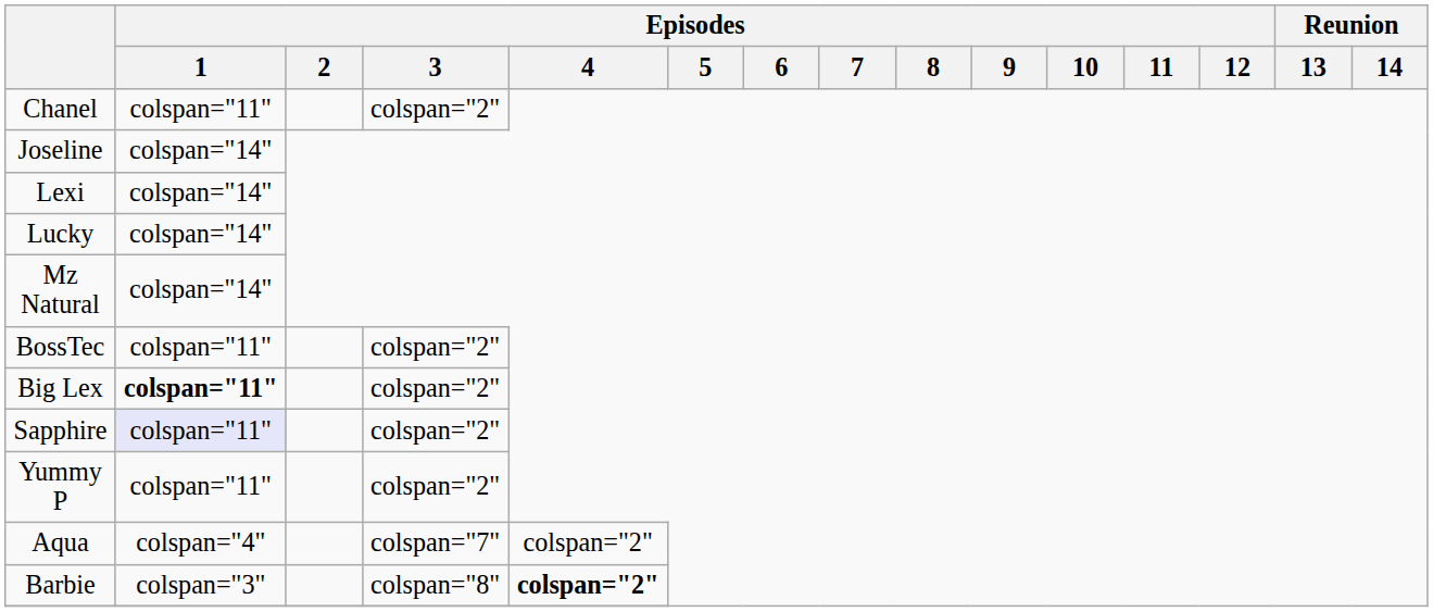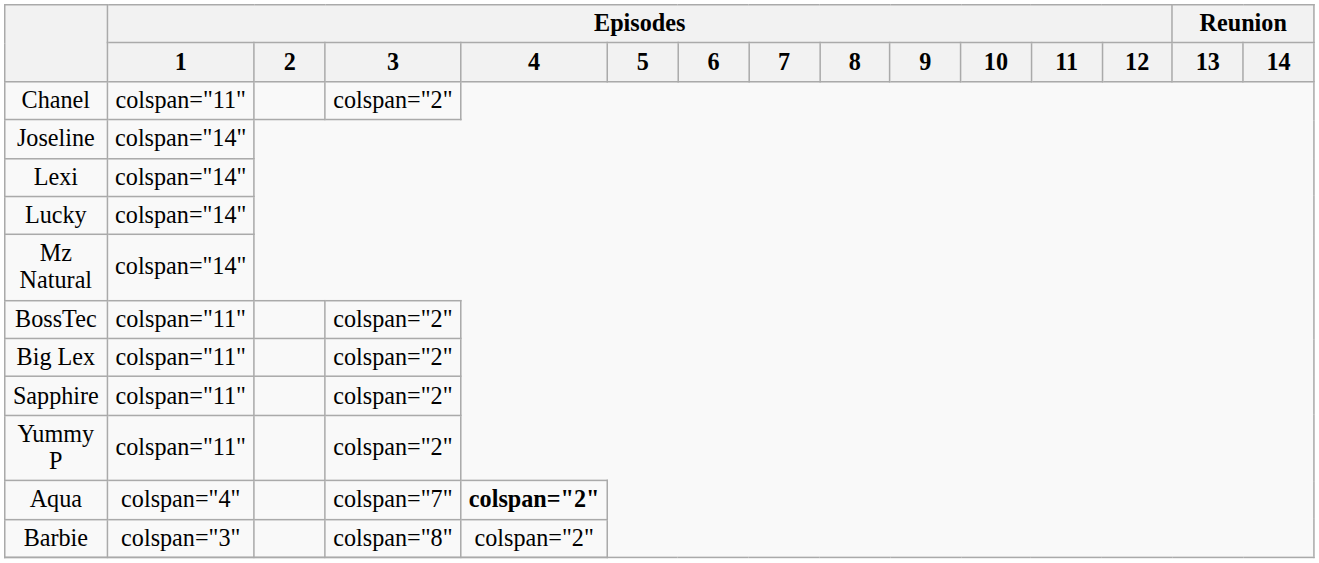 <table class="wikitable plainrowheaders" style="text-align:center;">
 <tr>
 <th scope="col" rowspan="2" style="width:5%;"></th>
 <th scope="col" colspan="12">Episodes</th>
 <th scope="col" colspan="2">Reunion</th>
 </tr>
 <tr>
 <th style="width:5%;">1</th>
 <th style="width:5%;">2</th>
 <th style="width:5%;">3</th>
 <th style="width:5%;">4</th>
 <th style="width:5%;">5</th>
 <th style="width:5%;">6</th>
 <th style="width:5%;">7</th>
 <th style="width:5%;">8</th>
 <th style="width:5%;">9</th>
 <th style="width:5%;">10</th>
 <th style="width:5%;">11</th>
 <th style="width:5%;">12</th>
 <th style="width:5%;">13</th>
 <th style="width:5%;">14</th>
 </tr>
 <tr>
 <td scope="row">Chanel</td>
 <td>colspan="11" </td>
 <td></td>
 <td>colspan="2" </td>
 </tr>
 <tr>
 <td scope="row">Joseline</td>
 <td>colspan="14" </td>
 </tr>
 <tr>
 <td scope="row">Lexi</td>
 <td>colspan="14" </td>
 </tr>
 <tr>
 <td scope="row">Lucky</td>
 <td>colspan="14" </td>
 </tr>
 <tr>
 <td scope="row">Mz Natural</td>
 <td>colspan="14" </td>
 </tr>
 <tr>
 <td scope="row">BossTec</td>
 <td>colspan="11" </td>
 <td></td>
 <td>colspan="2" </td>
 </tr>
 <tr>
 <td scope="row">Big Lex</td>
-<td><strong>colspan="11" </strong></td>
+<td>colspan="11" </td>
 <td></td>
 <td>colspan="2" </td>
 </tr>
 <tr>
 <td scope="row">Sapphire</td>
-<td style="background: lavender;">colspan="11" </td>
+<td>colspan="11" </td>
 <td></td>
 <td>colspan="2" </td>
 </tr>
 <tr>
 <td scope="row">Yummy P</td>
 <td>colspan="11" </td>
 <td></td>
 <td>colspan="2" </td>
 </tr>
 <tr>
 <td scope="row">Aqua</td>
 <td>colspan="4" </td>
 <td></td>
 <td>colspan="7" </td>
-<td>colspan="2" </td>
+<td><strong>colspan="2" </strong></td>
 </tr>
 <tr>
 <td scope="row">Barbie</td>
 <td>colspan="3" </td>
 <td></td>
 <td>colspan="8" </td>
-<td><strong>colspan="2" </strong></td>
+<td>colspan="2" </td>
 </tr>
 <tr>
 </tr>
 </table>
